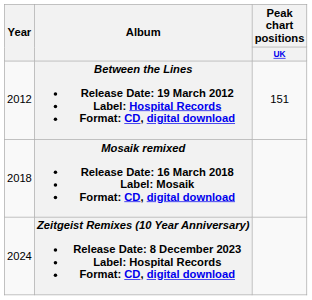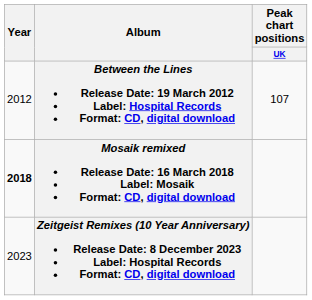 <table class="wikitable plainrowheaders" style="text-align:center;">
 <tr>
 <th rowspan="2">Year</th>
 <th rowspan="2">Album</th>
 <th colspan="1">Peak chart positions</th>
 </tr>
 <tr>
 <th style="width:3em;font-size:75%;"><a href='#'>UK</a><br></th>
 </tr>
 <tr>
 <td>2012</td>
 <th scope="row"><em>Between the Lines</em><br><ul><li>Release Date: 19 March 2012</li><li>Label: <a href='#'>Hospital Records</a></li><li>Format: <a href='#'>CD</a>, <a href='#'>digital download</a></li></ul></th>
-<td>151</td>
+<td>107</td>
 </tr>
 <tr>
-<td>2018</td>
+<td><strong>2018</strong></td>
 <th scope="row"><em>Mosaik remixed</em><br><ul><li>Release Date: 16 March 2018</li><li>Label: Mosaik</li><li>Format: <a href='#'>CD</a>, <a href='#'>digital download</a></li></ul></th>
 <td></td>
 </tr>
 <tr>
-<td>2024</td>
+<td>2023</td>
 <th scope="row"><em>Zeitgeist Remixes (10 Year Anniversary)</em><br><ul><li>Release Date: 8 December 2023</li><li>Label: Hospital Records</li><li>Format: <a href='#'>CD</a>, <a href='#'>digital download</a></li></ul></th>
 <td></td>
 </tr>
 </table>
